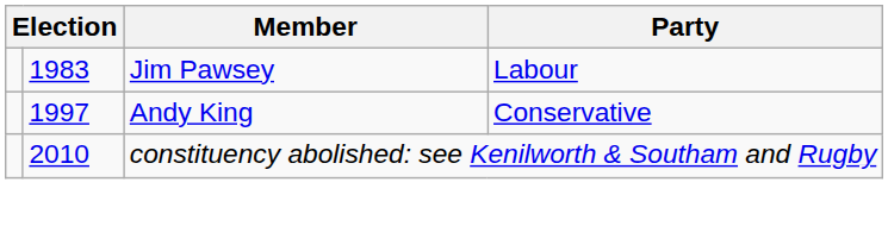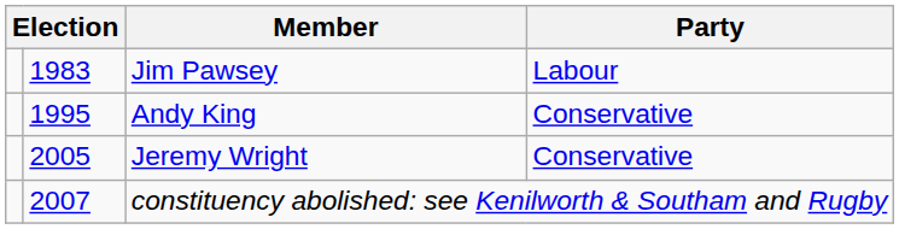 <table class="wikitable">
 <tr>
 <th colspan="2">Election</th>
 <th>Member</th>
 <th>Party</th>
 </tr>
 <tr>
 <td style="color:inherit;background-color: "></td>
 <td><a href='#'>1983</a></td>
 <td><a href='#'>Jim Pawsey</a></td>
 <td><a href='#'>Labour</a></td>
 </tr>
 <tr>
 <td style="color:inherit;background-color: "></td>
-<td><a href='#'>1997</a></td>
+<td><a href='#'>1995</a></td>
 <td><a href='#'>Andy King</a></td>
 <td><a href='#'>Conservative</a></td>
 </tr>
 <tr>
+<td style="color:inherit;background-color: "></td>
+<td><a href='#'>2005</a></td>
+<td><a href='#'>Jeremy Wright</a></td>
+<td><a href='#'>Conservative</a></td>
+</tr>
+<tr>
 <td></td>
-<td><a href='#'>2010</a></td>
+<td><a href='#'>2007</a></td>
 <td colspan="2"><em>constituency abolished: see <a href='#'>Kenilworth & Southam</a> and <a href='#'>Rugby</a></em></td>
 </tr>
 </table>
